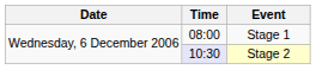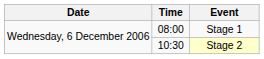 <table class = "wikitable" style="text-align:center;">
 <tr>
 <th width=220>Date</th>
 <th width=50>Time</th>
 <th width=100>Event</th>
 </tr>
 <tr>
 <td rowspan=2>Wednesday, 6 December 2006</td>
 <td>08:00</td>
 <td>Stage 1</td>
 </tr>
 <tr>
-<td style="background: lavender;">10:30</td>
+<td>10:30</td>
 <td bgcolor=ffffcc>Stage 2</td>
 </tr>
 </table>
